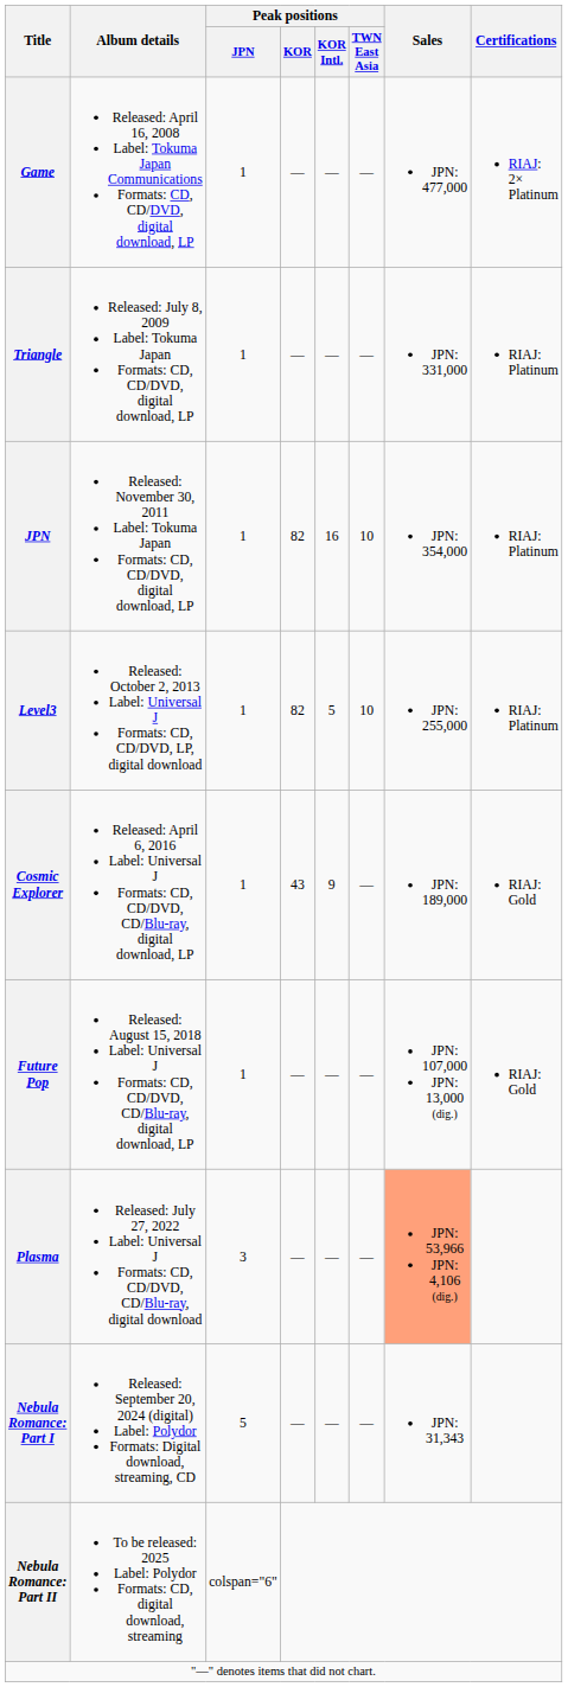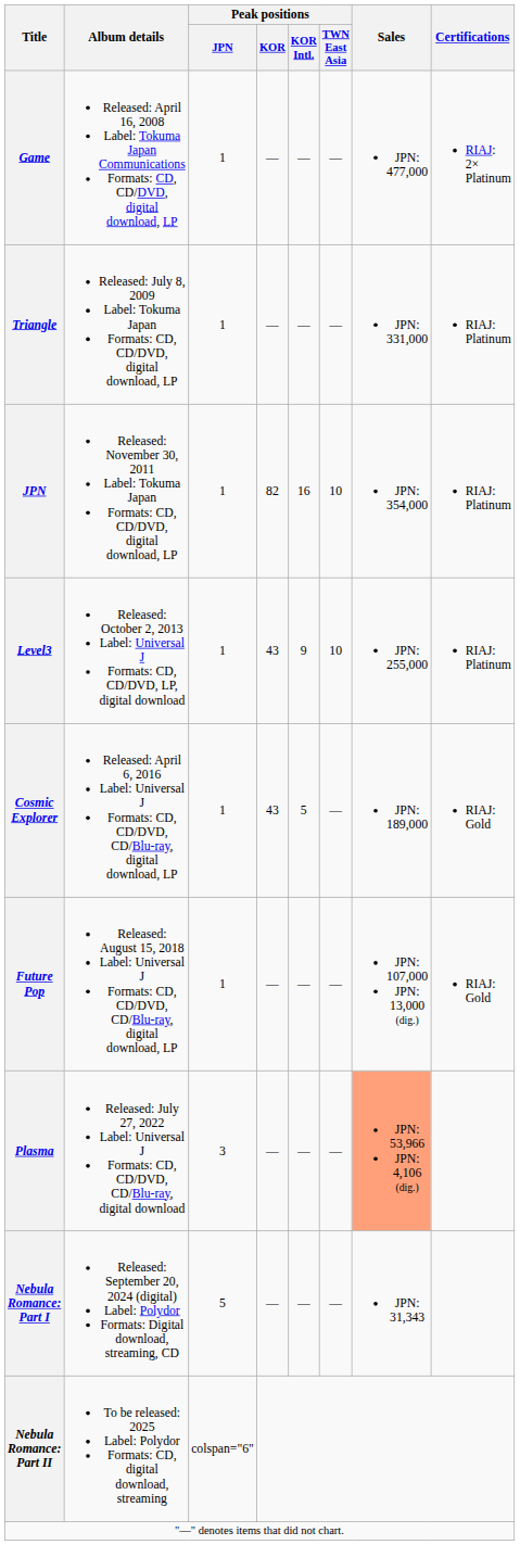 <table class="wikitable plainrowheaders" style="text-align:center;">
 <tr>
 <th scope="col" rowspan="2" style="width:8em;">Title</th>
 <th scope="col" rowspan="2" style="width:22em;">Album details</th>
 <th scope="col" colspan="4">Peak positions</th>
 <th scope="col" rowspan="2">Sales</th>
 <th scope="col" style="width:12em;" rowspan="2"><a href='#'>Certifications</a></th>
 </tr>
 <tr>
 <th scope="col" style="width:3em;font-size:90%;"><a href='#'>JPN</a><br></th>
 <th scope="col" style="width:3em;font-size:90%;"><a href='#'>KOR</a><br></th>
 <th scope="col" style="width:3em;font-size:90%;"><a href='#'>KOR Intl.</a><br></th>
 <th scope="col" style="width:3em;font-size:90%;"><a href='#'>TWN East Asia</a><br></th>
 </tr>
 <tr>
 <th scope="row"><em><a href='#'>Game</a></em></th>
 <td><br><ul><li>Released: April 16, 2008 </li><li>Label: <a href='#'>Tokuma Japan Communications</a></li><li>Formats: <a href='#'>CD</a>, CD/<a href='#'>DVD</a>, <a href='#'>digital download</a>, <a href='#'>LP</a></li></ul></td>
 <td>1</td>
 <td>—</td>
 <td>—</td>
 <td>—</td>
 <td><br><ul><li>JPN: 477,000</li></ul></td>
 <td align="left"><br><ul><li><a href='#'>RIAJ</a>: 2× Platinum</li></ul></td>
 </tr>
 <tr>
 <th scope="row"><em><a href='#'>Triangle</a></em></th>
 <td><br><ul><li>Released: July 8, 2009 </li><li>Label: Tokuma Japan</li><li>Formats: CD, CD/DVD, digital download, LP</li></ul></td>
 <td>1</td>
 <td>—</td>
 <td>—</td>
 <td>—</td>
 <td><br><ul><li>JPN: 331,000</li></ul></td>
 <td align="left"><br><ul><li>RIAJ: Platinum</li></ul></td>
 </tr>
 <tr>
 <th scope="row"><em><a href='#'>JPN</a></em></th>
 <td><br><ul><li>Released: November 30, 2011 </li><li>Label: Tokuma Japan</li><li>Formats: CD, CD/DVD, digital download, LP</li></ul></td>
 <td>1</td>
 <td>82</td>
 <td>16</td>
 <td>10</td>
 <td><br><ul><li>JPN: 354,000</li></ul></td>
 <td align="left"><br><ul><li>RIAJ: Platinum</li></ul></td>
 </tr>
 <tr>
 <th scope="row"><em><a href='#'>Level3</a></em></th>
 <td><br><ul><li>Released: October 2, 2013 </li><li>Label: <a href='#'>Universal J</a></li><li>Formats: CD, CD/DVD, LP, digital download</li></ul></td>
 <td>1</td>
-<td>82</td>
-<td>5</td>
+<td>43</td>
+<td>9</td>
 <td>10</td>
 <td><br><ul><li>JPN: 255,000</li></ul></td>
 <td align="left"><br><ul><li>RIAJ: Platinum</li></ul></td>
 </tr>
 <tr>
 <th scope="row"><em><a href='#'>Cosmic Explorer</a></em></th>
 <td><br><ul><li>Released: April 6, 2016 </li><li>Label: Universal J</li><li>Formats: CD, CD/DVD, CD/<a href='#'>Blu-ray</a>, digital download, LP</li></ul></td>
 <td>1</td>
 <td>43</td>
-<td>9</td>
+<td>5</td>
 <td>—</td>
 <td><br><ul><li>JPN: 189,000</li></ul></td>
 <td align="left"><br><ul><li>RIAJ: Gold</li></ul></td>
 </tr>
 <tr>
 <th scope="row"><em><a href='#'>Future Pop</a></em></th>
 <td><br><ul><li>Released: August 15, 2018 </li><li>Label: Universal J</li><li>Formats: CD, CD/DVD, CD/<a href='#'>Blu-ray</a>, digital download, LP</li></ul></td>
 <td>1</td>
 <td>—</td>
 <td>—</td>
 <td>—</td>
 <td><br><ul><li>JPN: 107,000</li><li>JPN: 13,000 <small>(dig.)</small>  </li></ul></td>
 <td align="left"><br><ul><li>RIAJ: Gold</li></ul></td>
 </tr>
 <tr>
 <th scope="row"><em><a href='#'>Plasma</a></em></th>
 <td><br><ul><li>Released: July 27, 2022 </li><li>Label: Universal J</li><li>Formats: CD, CD/DVD, CD/<a href='#'>Blu-ray</a>, digital download</li></ul></td>
 <td>3</td>
 <td>—</td>
 <td>—</td>
 <td>—</td>
 <td style="background: lightsalmon;"><br><ul><li>JPN: 53,966</li><li>JPN: 4,106 <small>(dig.)</small></li></ul></td>
 <td align="left"></td>
 </tr>
 <tr>
 <th scope="row"><em><a href='#'>Nebula Romance: Part I</a></em></th>
 <td><br><ul><li>Released: September 20, 2024 (digital)</li><li>Label: <a href='#'>Polydor</a></li><li>Formats: Digital download, streaming, CD</li></ul></td>
 <td>5</td>
 <td>—</td>
 <td>—</td>
 <td>—</td>
 <td><br><ul><li>JPN: 31,343 </li></ul></td>
 <td></td>
 </tr>
 <tr>
 <th scope="row"><em>Nebula Romance: Part II</em></th>
 <td><br><ul><li>To be released: 2025</li><li>Label: Polydor</li><li>Formats: CD, digital download, streaming</li></ul></td>
 <td>colspan="6" </td>
 </tr>
 <tr>
 <td colspan="11" align="center" style="font-size:90%;">"—" denotes items that did not chart.</td>
 </tr>
 </table>
